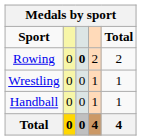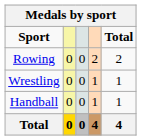 <table class="wikitable" style="font-size:85%; float:right;">
 <tr style="background:#efefef;">
 <th colspan=7>Medals by sport</th>
 </tr>
 <tr align=center>
 <td><strong>Sport</strong></td>
 <td style="background:#f7f6a8;"></td>
 <td style="background:#dce5e5;"></td>
 <td style="background:#ffdab9;"></td>
 <td><strong>Total</strong></td>
 </tr>
 <tr align=center>
 <td><a href='#'>Rowing</a></td>
 <td style="background:#f7f6a8;">0</td>
-<td style="background:#dce5e5;"><strong>0</strong></td>
+<td style="background:#dce5e5;">0</td>
 <td style="background:#ffdab9;">2</td>
 <td>2</td>
 </tr>
 <tr align=center>
 <td><a href='#'>Wrestling</a></td>
 <td style="background:#f7f6a8;">0</td>
 <td style="background:#dce5e5;">0</td>
 <td style="background:#ffdab9;">1</td>
 <td>1</td>
 </tr>
 <tr align=center>
 <td><a href='#'>Handball</a></td>
 <td style="background:#f7f6a8;">0</td>
 <td style="background:#dce5e5;">0</td>
 <td style="background:#ffdab9;">1</td>
 <td>1</td>
 </tr>
 <tr>
 <th>Total</th>
 <th style="background:gold;">0</th>
 <th style="background:silver;">0</th>
 <th style="background:#c96;">4</th>
 <th>4</th>
 </tr>
 </table>
